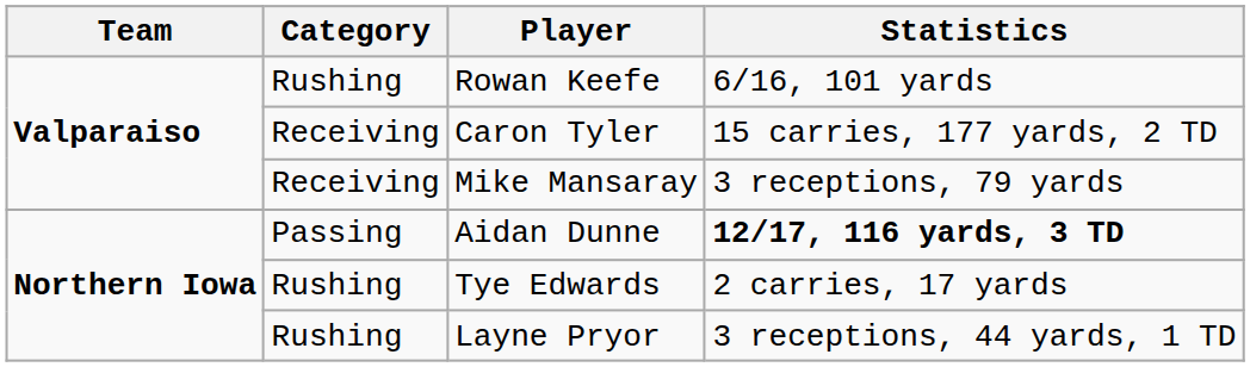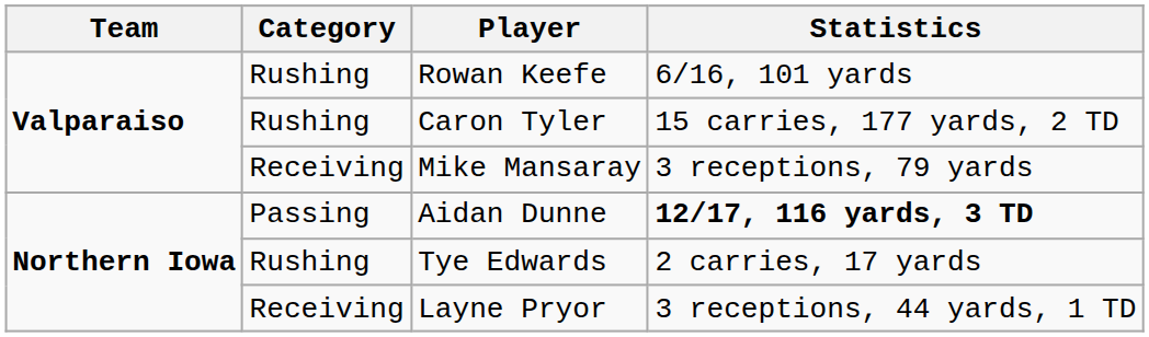 <table class="wikitable" style="float: right;">
 <tr>
 <th>Team</th>
 <th>Category</th>
 <th>Player</th>
 <th>Statistics</th>
 </tr>
 <tr>
 <td rowspan=3><strong>Valparaiso</strong></td>
 <td>Rushing</td>
 <td>Rowan Keefe</td>
 <td>6/16, 101 yards</td>
 </tr>
 <tr>
-<td>Receiving</td>
+<td>Rushing</td>
 <td>Caron Tyler</td>
 <td>15 carries, 177 yards, 2 TD</td>
 </tr>
 <tr>
 <td>Receiving</td>
 <td>Mike Mansaray</td>
 <td>3 receptions, 79 yards</td>
 </tr>
 <tr>
 <td rowspan=3><strong>Northern Iowa</strong></td>
 <td>Passing</td>
 <td>Aidan Dunne</td>
 <td><strong>12/17, 116 yards, 3 TD</strong></td>
 </tr>
 <tr>
 <td>Rushing</td>
 <td>Tye Edwards</td>
 <td>2 carries, 17 yards</td>
 </tr>
 <tr>
-<td>Rushing</td>
+<td>Receiving</td>
 <td>Layne Pryor</td>
 <td>3 receptions, 44 yards, 1 TD</td>
 </tr>
 </table>
